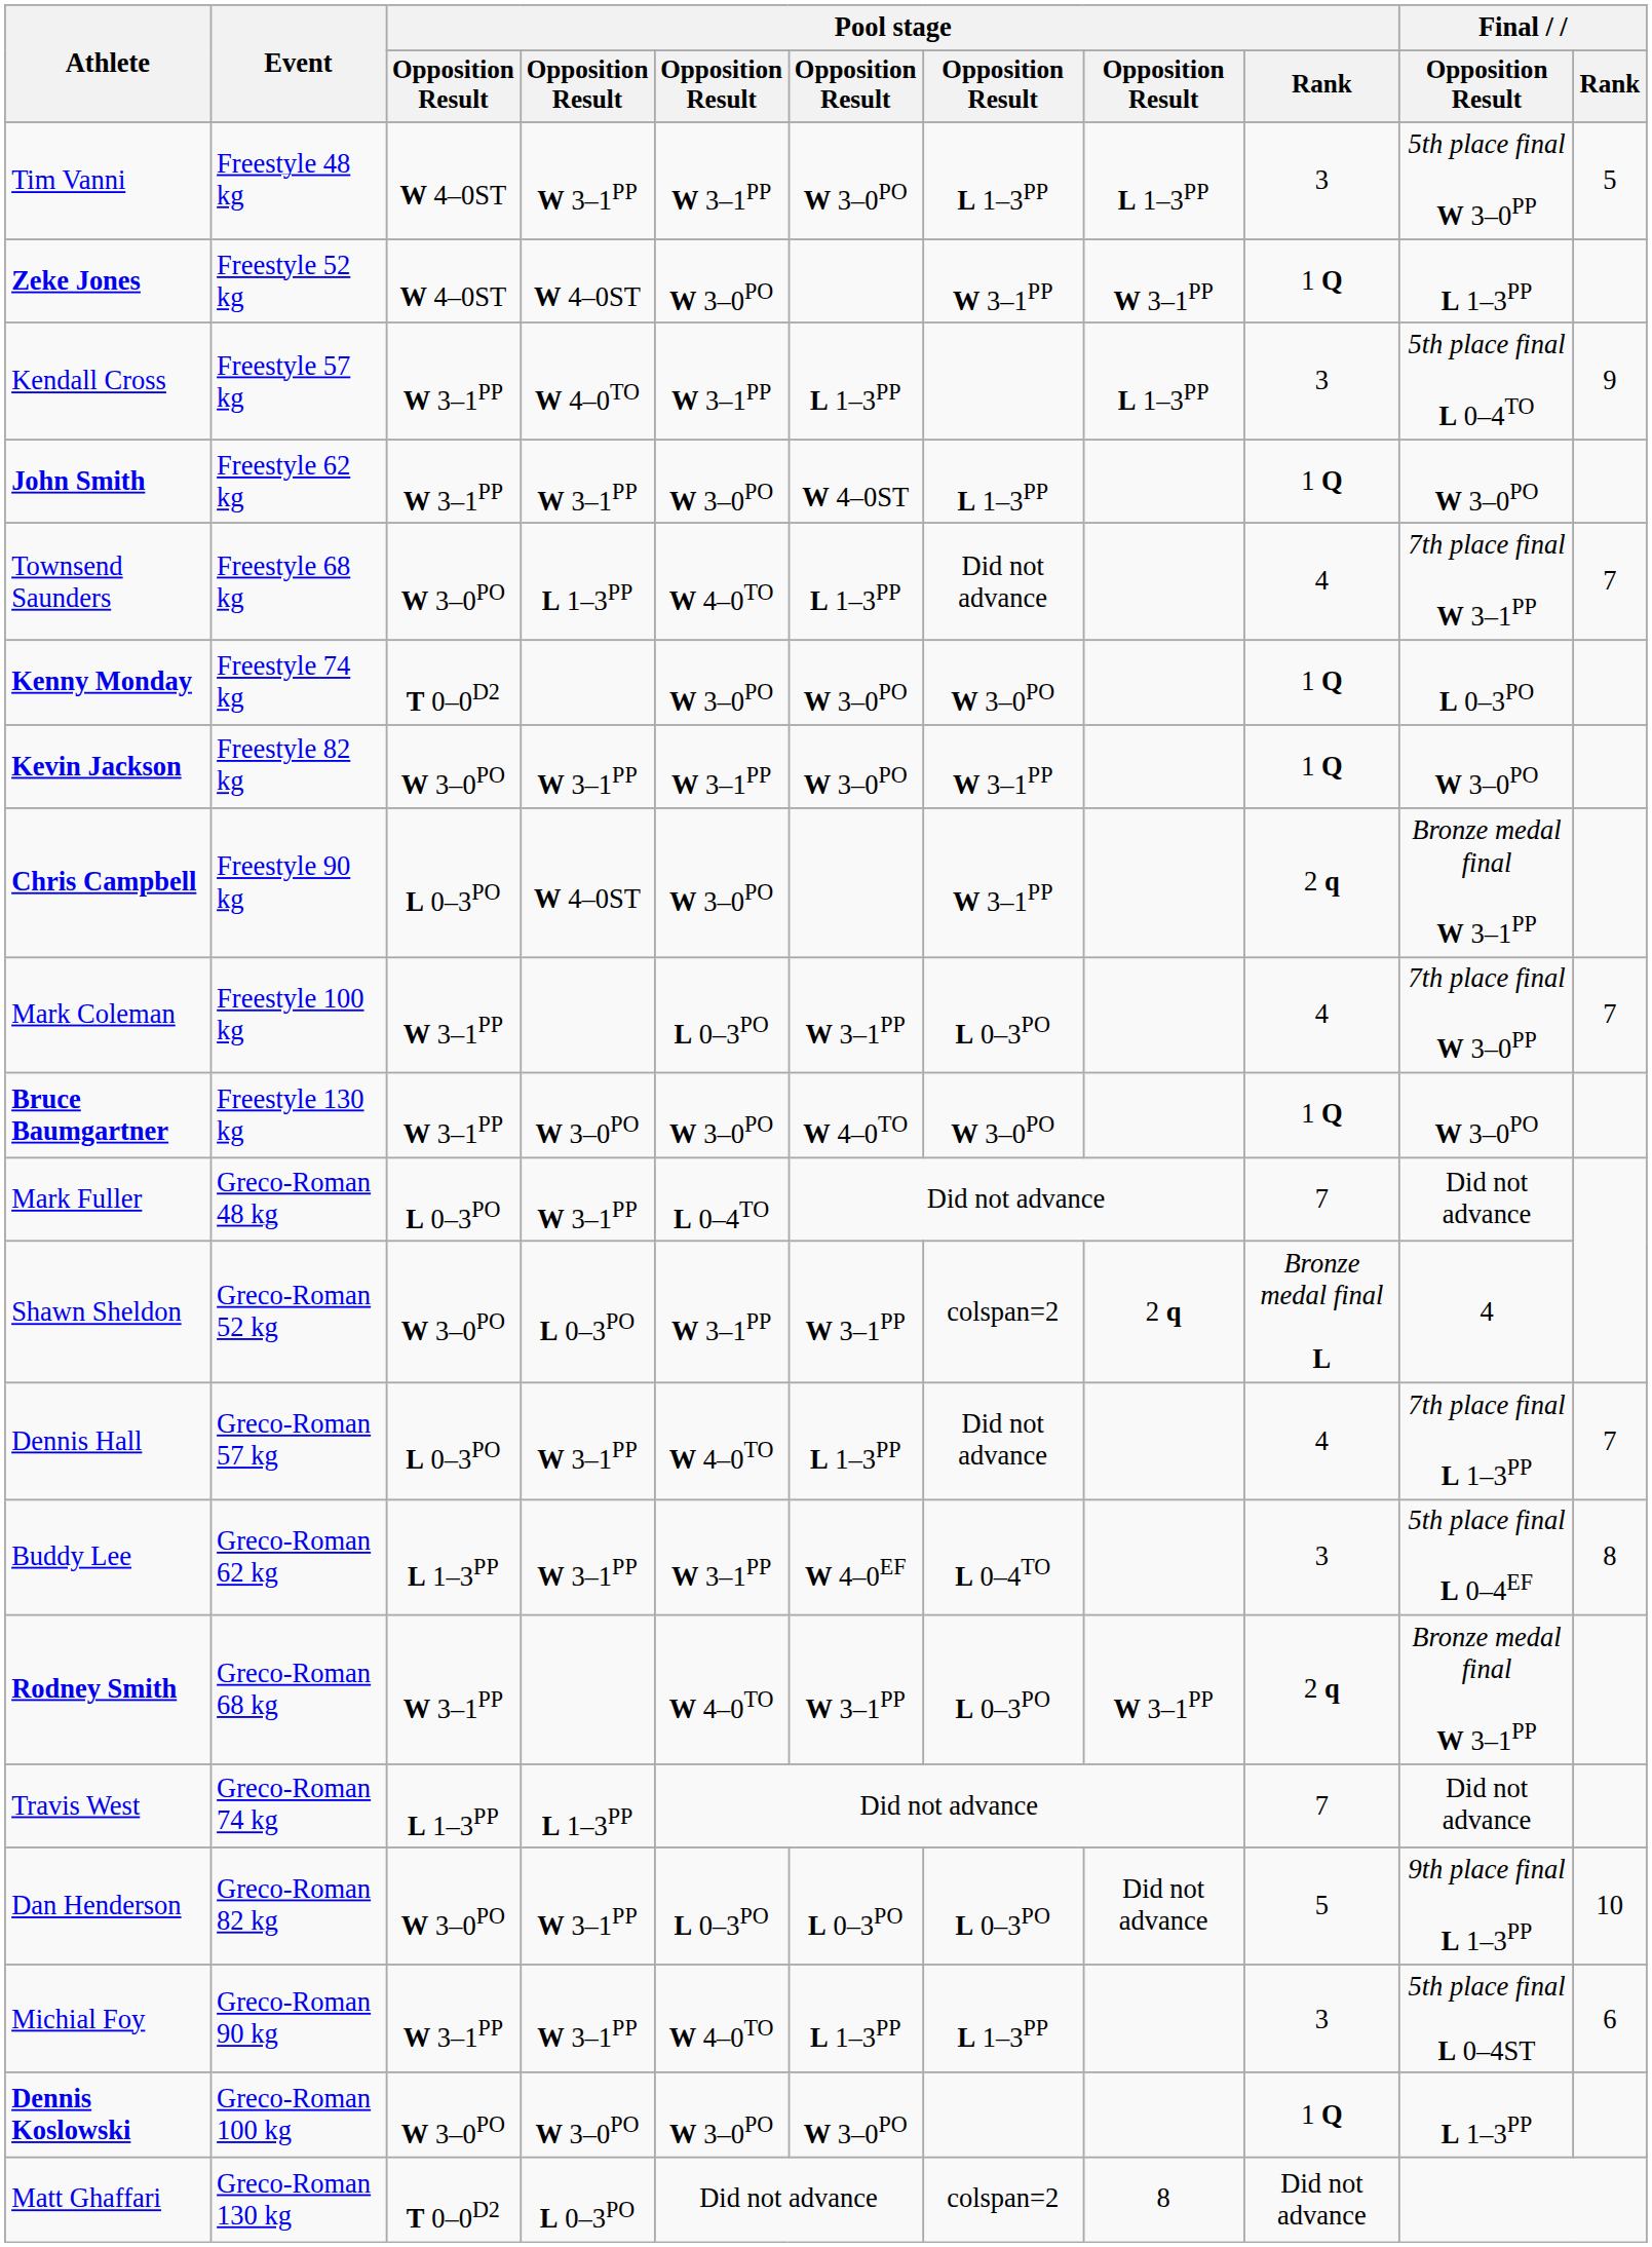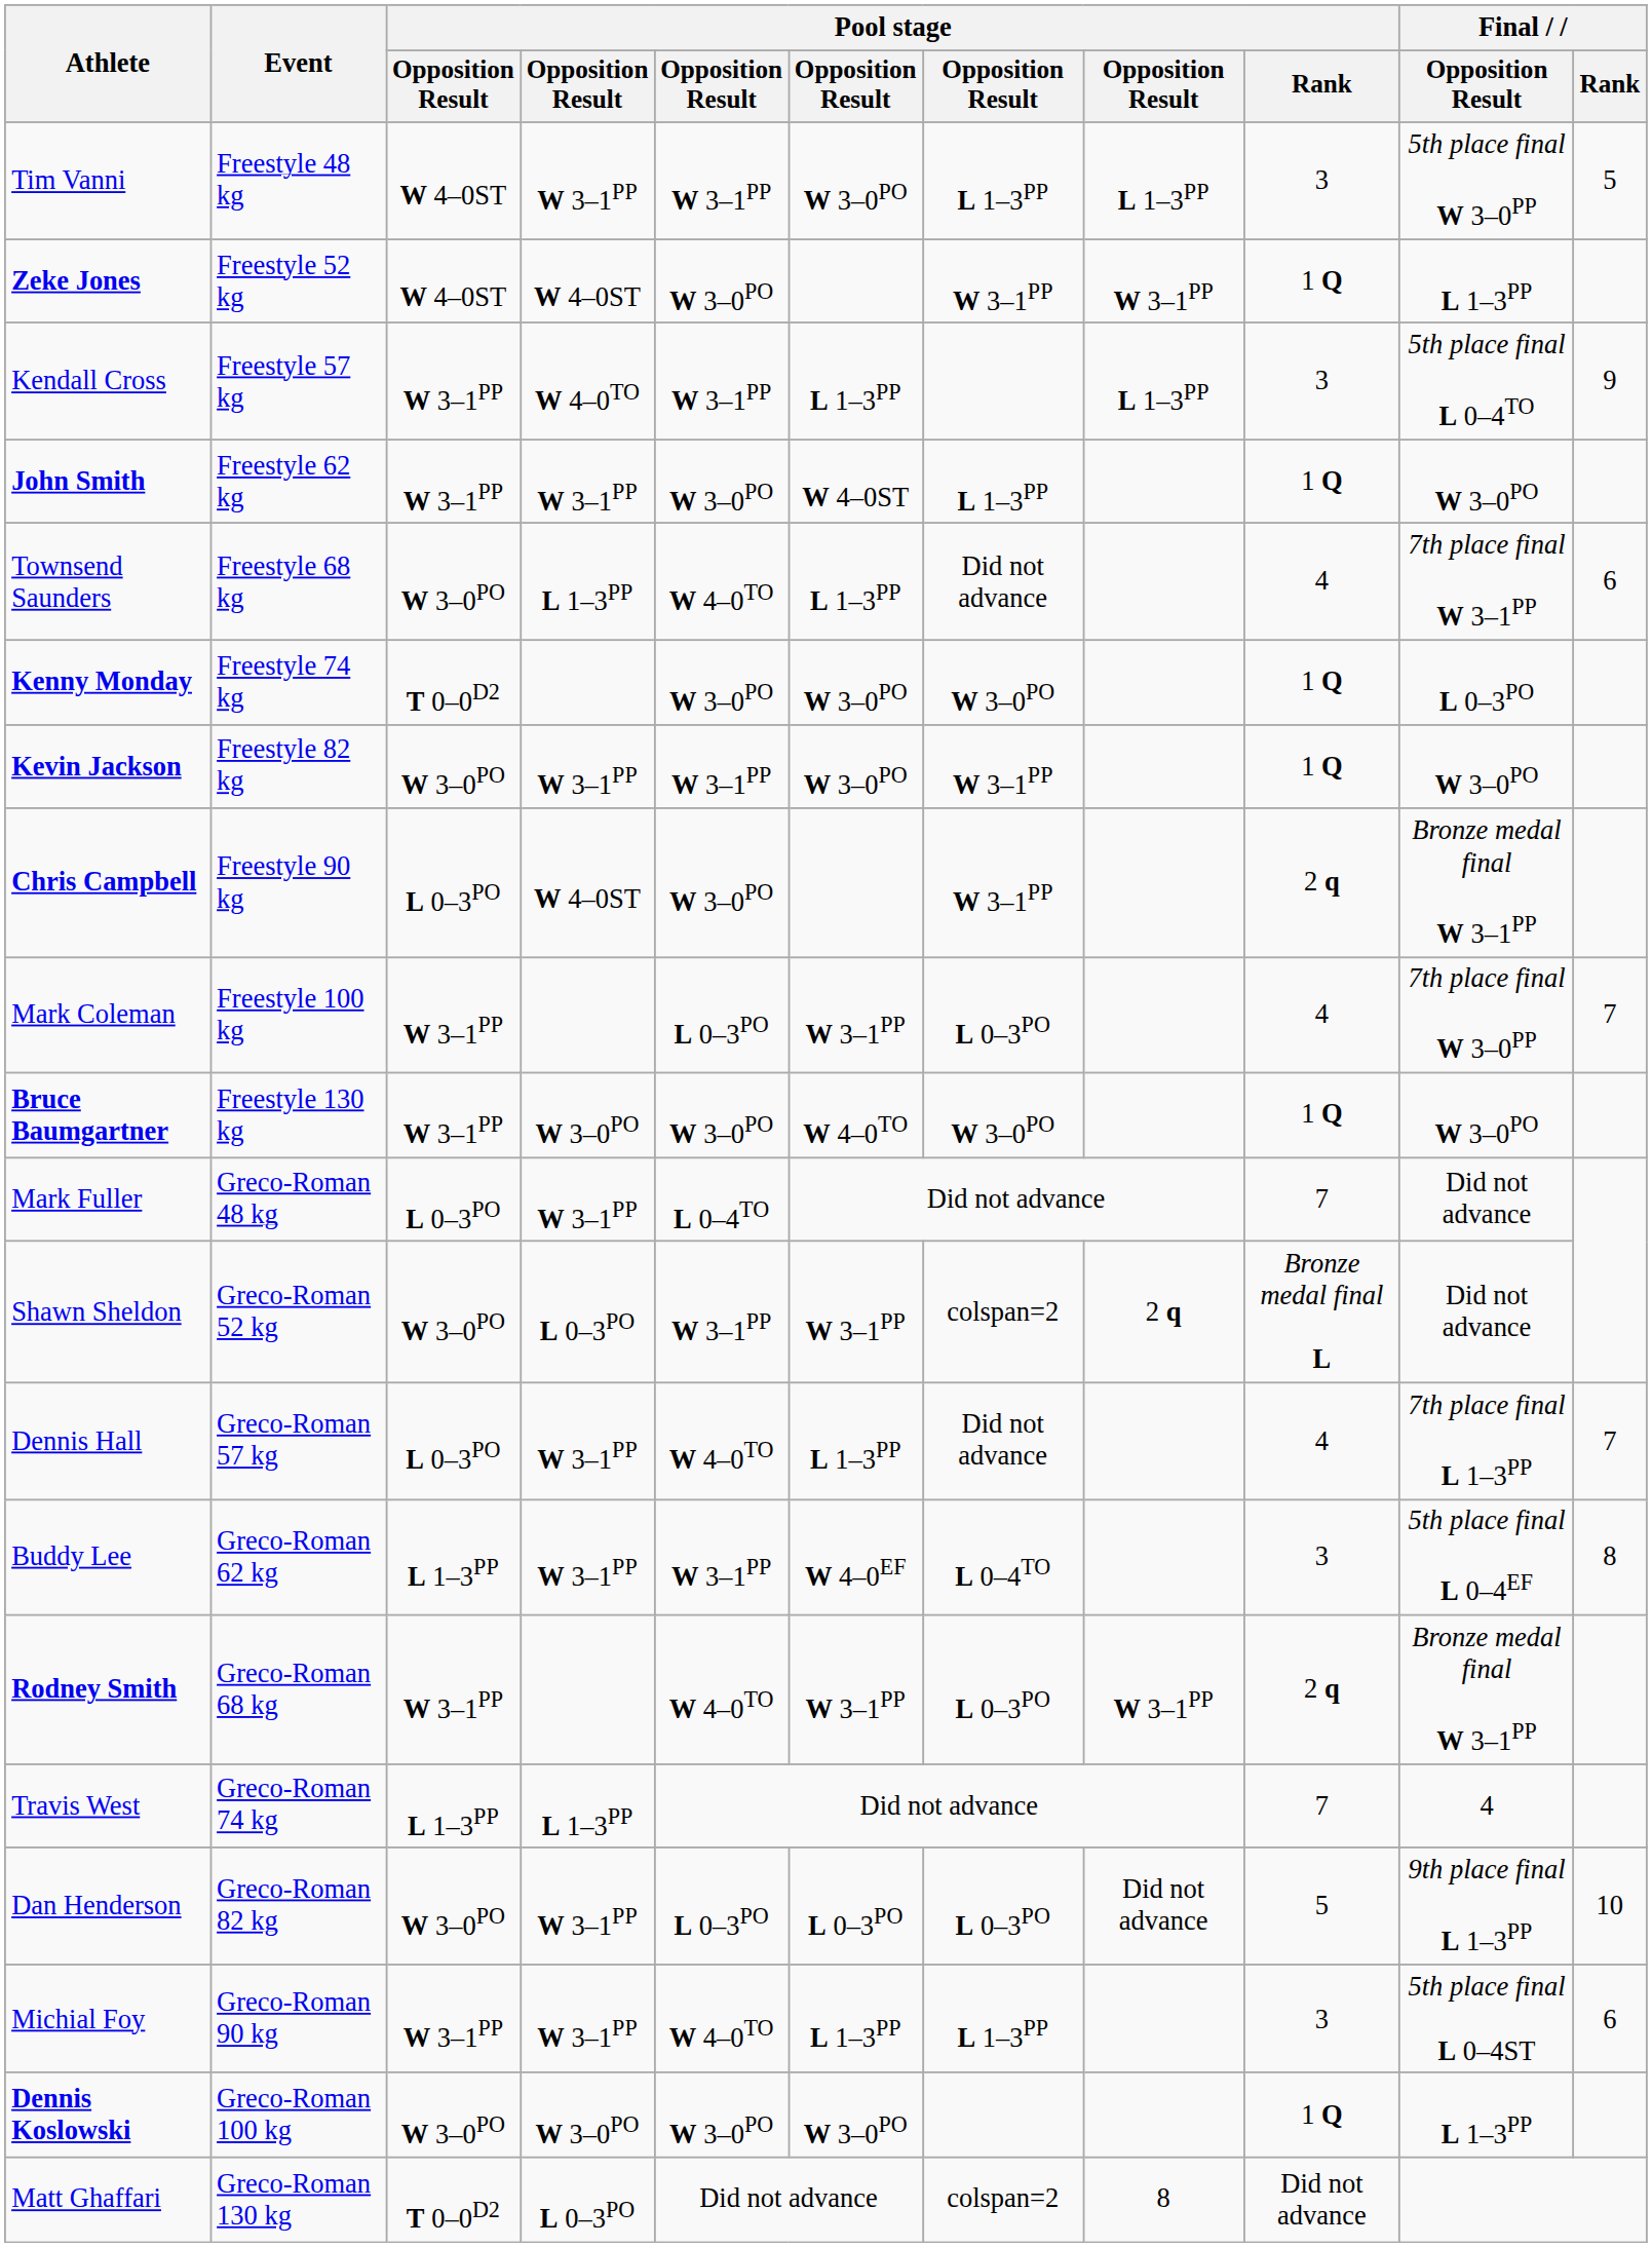 <table class=wikitable style=font-size:90%;text-align:center>
 <tr>
 <th rowspan=2>Athlete</th>
 <th rowspan=2>Event</th>
 <th colspan=7>Pool stage</th>
 <th colspan=2>Final /  / </th>
 </tr>
 <tr style=font-size:95%>
 <th>Opposition<br>Result</th>
 <th>Opposition<br>Result</th>
 <th>Opposition<br>Result</th>
 <th>Opposition<br>Result</th>
 <th>Opposition<br>Result</th>
 <th>Opposition<br>Result</th>
 <th>Rank</th>
 <th>Opposition<br>Result</th>
 <th>Rank</th>
 </tr>
 <tr>
 <td align=left><a href='#'>Tim Vanni</a></td>
 <td align=left><a href='#'>Freestyle 48 kg</a></td>
 <td><br><strong>W</strong> 4–0ST</td>
 <td><br><strong>W</strong> 3–1<sup>PP</sup></td>
 <td><br><strong>W</strong> 3–1<sup>PP</sup></td>
 <td><br><strong>W</strong> 3–0<sup>PO</sup></td>
 <td><br><strong>L</strong> 1–3<sup>PP</sup></td>
 <td><br><strong>L</strong> 1–3<sup>PP</sup></td>
 <td>3</td>
 <td><em>5th place final</em><br><br><strong>W</strong> 3–0<sup>PP</sup></td>
 <td>5</td>
 </tr>
 <tr>
 <td align=left><strong><a href='#'>Zeke Jones</a></strong></td>
 <td align=left><a href='#'>Freestyle 52 kg</a></td>
 <td><br><strong>W</strong> 4–0ST</td>
 <td><br><strong>W</strong> 4–0ST</td>
 <td><br><strong>W</strong> 3–0<sup>PO</sup></td>
 <td></td>
 <td><br><strong>W</strong> 3–1<sup>PP</sup></td>
 <td><br><strong>W</strong> 3–1<sup>PP</sup></td>
 <td>1 <strong>Q</strong></td>
 <td><br><strong>L</strong> 1–3<sup>PP</sup></td>
 <td></td>
 </tr>
 <tr>
 <td align=left><a href='#'>Kendall Cross</a></td>
 <td align=left><a href='#'>Freestyle 57 kg</a></td>
 <td><br><strong>W</strong> 3–1<sup>PP</sup></td>
 <td><br><strong>W</strong> 4–0<sup>TO</sup></td>
 <td><br><strong>W</strong> 3–1<sup>PP</sup></td>
 <td><br><strong>L</strong> 1–3<sup>PP</sup></td>
 <td></td>
 <td><br><strong>L</strong> 1–3<sup>PP</sup></td>
 <td>3</td>
 <td><em>5th place final</em><br><br><strong>L</strong> 0–4<sup>TO</sup></td>
 <td>9</td>
 </tr>
 <tr>
 <td align=left><strong><a href='#'>John Smith</a></strong></td>
 <td align=left><a href='#'>Freestyle 62 kg</a></td>
 <td><br><strong>W</strong> 3–1<sup>PP</sup></td>
 <td><br><strong>W</strong> 3–1<sup>PP</sup></td>
 <td><br><strong>W</strong> 3–0<sup>PO</sup></td>
 <td><br><strong>W</strong> 4–0ST</td>
 <td><br><strong>L</strong> 1–3<sup>PP</sup></td>
 <td></td>
 <td>1 <strong>Q</strong></td>
 <td><br><strong>W</strong> 3–0<sup>PO</sup></td>
 <td></td>
 </tr>
 <tr>
 <td align=left><a href='#'>Townsend Saunders</a></td>
 <td align=left><a href='#'>Freestyle 68 kg</a></td>
 <td><br><strong>W</strong> 3–0<sup>PO</sup></td>
 <td><br><strong>L</strong> 1–3<sup>PP</sup></td>
 <td><br><strong>W</strong> 4–0<sup>TO</sup></td>
 <td><br><strong>L</strong> 1–3<sup>PP</sup></td>
 <td>Did not advance</td>
 <td></td>
 <td>4</td>
 <td><em>7th place final</em><br><br><strong>W</strong> 3–1<sup>PP</sup></td>
-<td>7</td>
+<td>6</td>
 </tr>
 <tr>
 <td align=left><strong><a href='#'>Kenny Monday</a></strong></td>
 <td align=left><a href='#'>Freestyle 74 kg</a></td>
 <td><br><strong>T</strong> 0–0<sup>D2</sup></td>
 <td></td>
 <td><br><strong>W</strong> 3–0<sup>PO</sup></td>
 <td><br><strong>W</strong> 3–0<sup>PO</sup></td>
 <td><br><strong>W</strong> 3–0<sup>PO</sup></td>
 <td></td>
 <td>1 <strong>Q</strong></td>
 <td><br><strong>L</strong> 0–3<sup>PO</sup></td>
 <td></td>
 </tr>
 <tr>
 <td align=left><strong><a href='#'>Kevin Jackson</a></strong></td>
 <td align=left><a href='#'>Freestyle 82 kg</a></td>
 <td><br><strong>W</strong> 3–0<sup>PO</sup></td>
 <td><br><strong>W</strong> 3–1<sup>PP</sup></td>
 <td><br><strong>W</strong> 3–1<sup>PP</sup></td>
 <td><br><strong>W</strong> 3–0<sup>PO</sup></td>
 <td><br><strong>W</strong> 3–1<sup>PP</sup></td>
 <td></td>
 <td>1 <strong>Q</strong></td>
 <td><br><strong>W</strong> 3–0<sup>PO</sup></td>
 <td></td>
 </tr>
 <tr>
 <td align=left><strong><a href='#'>Chris Campbell</a></strong></td>
 <td align=left><a href='#'>Freestyle 90 kg</a></td>
 <td><br><strong>L</strong> 0–3<sup>PO</sup></td>
 <td><br><strong>W</strong> 4–0ST</td>
 <td><br><strong>W</strong> 3–0<sup>PO</sup></td>
 <td></td>
 <td><br><strong>W</strong> 3–1<sup>PP</sup></td>
 <td></td>
 <td>2 <strong>q</strong></td>
 <td><em>Bronze medal final</em><br><br><strong>W</strong> 3–1<sup>PP</sup></td>
 <td></td>
 </tr>
 <tr>
 <td align=left><a href='#'>Mark Coleman</a></td>
 <td align=left><a href='#'>Freestyle 100 kg</a></td>
 <td><br><strong>W</strong> 3–1<sup>PP</sup></td>
 <td></td>
 <td><br><strong>L</strong> 0–3<sup>PO</sup></td>
 <td><br><strong>W</strong> 3–1<sup>PP</sup></td>
 <td><br><strong>L</strong> 0–3<sup>PO</sup></td>
 <td></td>
 <td>4</td>
 <td><em>7th place final</em><br><br><strong>W</strong> 3–0<sup>PP</sup></td>
 <td>7</td>
 </tr>
 <tr>
 <td align=left><strong><a href='#'>Bruce Baumgartner</a></strong></td>
 <td align=left><a href='#'>Freestyle 130 kg</a></td>
 <td><br><strong>W</strong> 3–1<sup>PP</sup></td>
 <td><br><strong>W</strong> 3–0<sup>PO</sup></td>
 <td><br><strong>W</strong> 3–0<sup>PO</sup></td>
 <td><br><strong>W</strong> 4–0<sup>TO</sup></td>
 <td><br><strong>W</strong> 3–0<sup>PO</sup></td>
 <td></td>
 <td>1 <strong>Q</strong></td>
 <td><br><strong>W</strong> 3–0<sup>PO</sup></td>
 <td></td>
 </tr>
 <tr>
 <td align=left><a href='#'>Mark Fuller</a></td>
 <td align=left><a href='#'>Greco-Roman 48 kg</a></td>
 <td><br><strong>L</strong> 0–3<sup>PO</sup></td>
 <td><br><strong>W</strong> 3–1<sup>PP</sup></td>
 <td><br><strong>L</strong> 0–4<sup>TO</sup></td>
 <td colspan=3>Did not advance</td>
 <td>7</td>
 <td>Did not advance</td>
 </tr>
 <tr>
 <td align=left><a href='#'>Shawn Sheldon</a></td>
 <td align=left><a href='#'>Greco-Roman 52 kg</a></td>
 <td><br><strong>W</strong> 3–0<sup>PO</sup></td>
 <td><br><strong>L</strong> 0–3<sup>PO</sup></td>
 <td><br><strong>W</strong> 3–1<sup>PP</sup></td>
 <td><br><strong>W</strong> 3–1<sup>PP</sup></td>
 <td>colspan=2 </td>
 <td>2 <strong>q</strong></td>
 <td><em>Bronze medal final</em><br><br><strong>L</strong> </td>
-<td>4</td>
+<td>Did not advance</td>
 </tr>
 <tr>
 <td align=left><a href='#'>Dennis Hall</a></td>
 <td align=left><a href='#'>Greco-Roman 57 kg</a></td>
 <td><br><strong>L</strong> 0–3<sup>PO</sup></td>
 <td><br><strong>W</strong> 3–1<sup>PP</sup></td>
 <td><br><strong>W</strong> 4–0<sup>TO</sup></td>
 <td><br><strong>L</strong> 1–3<sup>PP</sup></td>
 <td>Did not advance</td>
 <td></td>
 <td>4</td>
 <td><em>7th place final</em><br><br><strong>L</strong> 1–3<sup>PP</sup></td>
 <td>7</td>
 </tr>
 <tr>
 <td align=left><a href='#'>Buddy Lee</a></td>
 <td align=left><a href='#'>Greco-Roman 62 kg</a></td>
 <td><br><strong>L</strong> 1–3<sup>PP</sup></td>
 <td><br><strong>W</strong> 3–1<sup>PP</sup></td>
 <td><br><strong>W</strong> 3–1<sup>PP</sup></td>
 <td><br><strong>W</strong> 4–0<sup>EF</sup></td>
 <td><br><strong>L</strong> 0–4<sup>TO</sup></td>
 <td></td>
 <td>3</td>
 <td><em>5th place final</em><br><br><strong>L</strong> 0–4<sup>EF</sup></td>
 <td>8</td>
 </tr>
 <tr>
 <td align=left><strong><a href='#'>Rodney Smith</a></strong></td>
 <td align=left><a href='#'>Greco-Roman 68 kg</a></td>
 <td><br><strong>W</strong> 3–1<sup>PP</sup></td>
 <td></td>
 <td><br><strong>W</strong> 4–0<sup>TO</sup></td>
 <td><br><strong>W</strong> 3–1<sup>PP</sup></td>
 <td><br><strong>L</strong> 0–3<sup>PO</sup></td>
 <td><br><strong>W</strong> 3–1<sup>PP</sup></td>
 <td>2 <strong>q</strong></td>
 <td><em>Bronze medal final</em><br><br><strong>W</strong> 3–1<sup>PP</sup></td>
 <td></td>
 </tr>
 <tr>
 <td align=left><a href='#'>Travis West</a></td>
 <td align=left><a href='#'>Greco-Roman 74 kg</a></td>
 <td><br><strong>L</strong> 1–3<sup>PP</sup></td>
 <td><br><strong>L</strong> 1–3<sup>PP</sup></td>
 <td colspan=4>Did not advance</td>
 <td>7</td>
-<td>Did not advance</td>
+<td>4</td>
 </tr>
 <tr>
 <td align=left><a href='#'>Dan Henderson</a></td>
 <td align=left><a href='#'>Greco-Roman 82 kg</a></td>
 <td><br><strong>W</strong> 3–0<sup>PO</sup></td>
 <td><br><strong>W</strong> 3–1<sup>PP</sup></td>
 <td><br><strong>L</strong> 0–3<sup>PO</sup></td>
 <td><br><strong>L</strong> 0–3<sup>PO</sup></td>
 <td><br><strong>L</strong> 0–3<sup>PO</sup></td>
 <td>Did not advance</td>
 <td>5</td>
 <td><em>9th place final</em><br><br><strong>L</strong> 1–3<sup>PP</sup></td>
 <td>10</td>
 </tr>
 <tr>
 <td align=left><a href='#'>Michial Foy</a></td>
 <td align=left><a href='#'>Greco-Roman 90 kg</a></td>
 <td><br><strong>W</strong> 3–1<sup>PP</sup></td>
 <td><br><strong>W</strong> 3–1<sup>PP</sup></td>
 <td><br><strong>W</strong> 4–0<sup>TO</sup></td>
 <td><br><strong>L</strong> 1–3<sup>PP</sup></td>
 <td><br><strong>L</strong> 1–3<sup>PP</sup></td>
 <td></td>
 <td>3</td>
 <td><em>5th place final</em><br><br><strong>L</strong> 0–4ST</td>
 <td>6</td>
 </tr>
 <tr>
 <td align=left><strong><a href='#'>Dennis Koslowski</a></strong></td>
 <td align=left><a href='#'>Greco-Roman 100 kg</a></td>
 <td><br><strong>W</strong> 3–0<sup>PO</sup></td>
 <td><br><strong>W</strong> 3–0<sup>PO</sup></td>
 <td><br><strong>W</strong> 3–0<sup>PO</sup></td>
 <td><br><strong>W</strong> 3–0<sup>PO</sup></td>
 <td></td>
 <td></td>
 <td>1 <strong>Q</strong></td>
 <td><br><strong>L</strong> 1–3<sup>PP</sup></td>
 <td></td>
 </tr>
 <tr>
 <td align=left><a href='#'>Matt Ghaffari</a></td>
 <td align=left><a href='#'>Greco-Roman 130 kg</a></td>
 <td><br><strong>T</strong> 0–0<sup>D2</sup></td>
 <td><br><strong>L</strong> 0–3<sup>PO</sup></td>
 <td colspan=2>Did not advance</td>
 <td>colspan=2 </td>
 <td>8</td>
 <td>Did not advance</td>
 </tr>
 </table>
